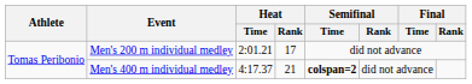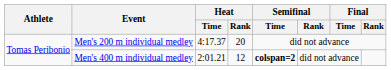 <table class=wikitable style="font-size:90%">
 <tr>
 <th rowspan="2">Athlete</th>
 <th rowspan="2">Event</th>
 <th colspan="2">Heat</th>
 <th colspan="2">Semifinal</th>
 <th colspan="2">Final</th>
 </tr>
 <tr style="font-size:95%">
 <th>Time</th>
 <th>Rank</th>
 <th>Time</th>
 <th>Rank</th>
 <th>Time</th>
 <th>Rank</th>
 </tr>
 <tr align=center>
 <td align=left rowspan=2><a href='#'>Tomas Peribonio</a></td>
 <td align=left><a href='#'>Men's 200 m individual medley</a></td>
-<td>2:01.21</td>
-<td>17</td>
+<td>4:17.37</td>
+<td>20</td>
 <td colspan=4>did not advance</td>
 </tr>
 <tr align=center>
 <td align=left><a href='#'>Men's 400 m individual medley</a></td>
-<td>4:17.37</td>
-<td>21</td>
+<td>2:01.21</td>
+<td>12</td>
 <td><strong>colspan=2 </strong></td>
 <td colspan=2>did not advance</td>
 </tr>
 </table>
